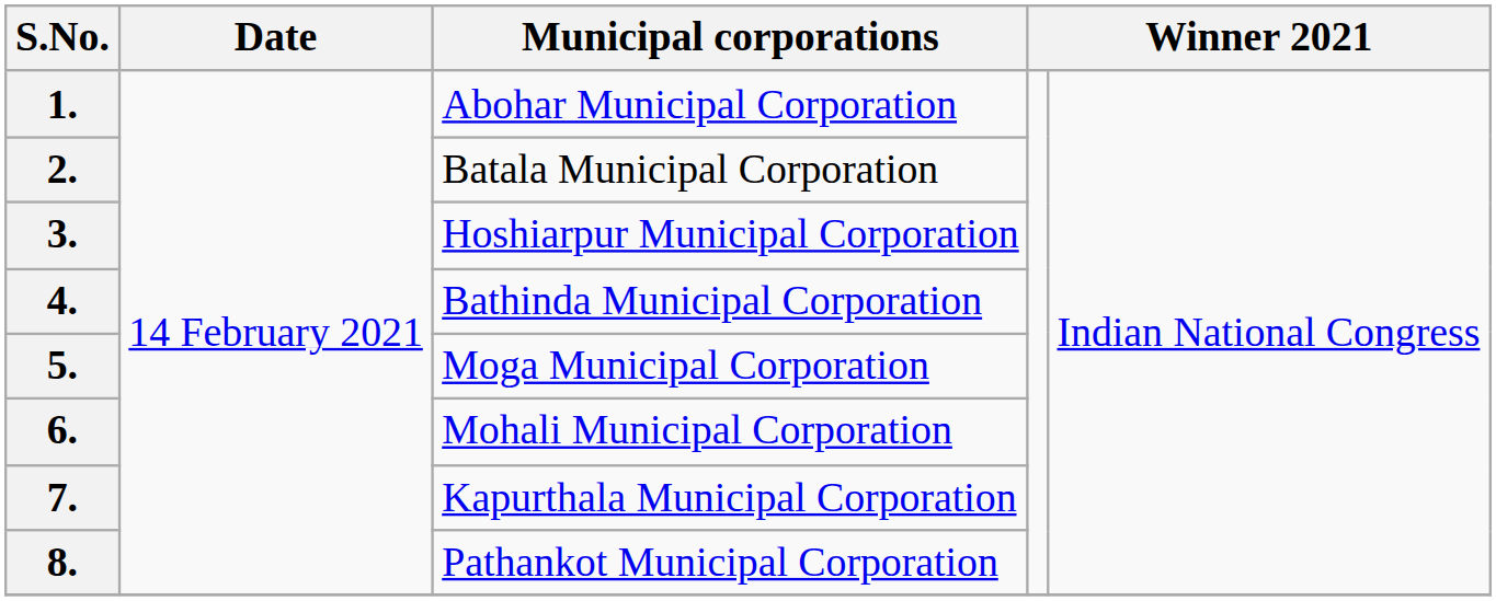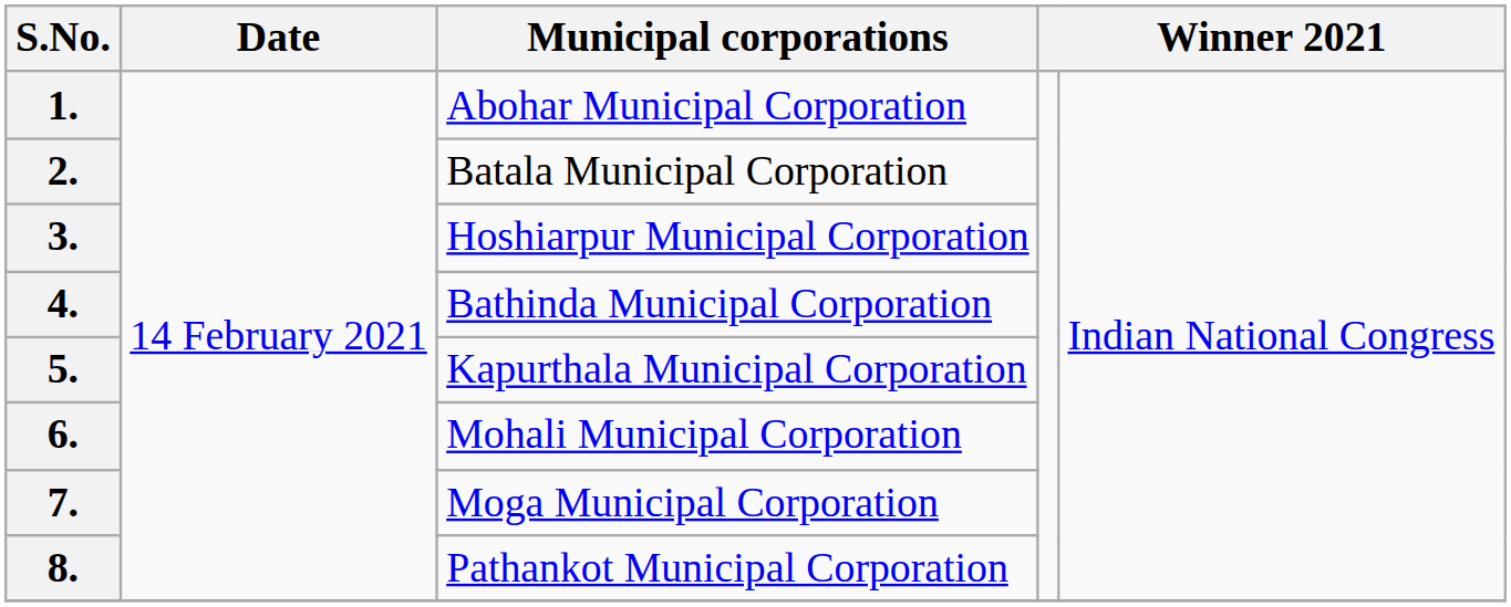 <table class="wikitable sortable">
 <tr>
 <th>S.No.</th>
 <th>Date</th>
 <th>Municipal corporations</th>
 <th colspan="2">Winner 2021</th>
 </tr>
 <tr>
 <th>1.</th>
 <td rowspan="8"><a href='#'>14 February 2021</a></td>
 <td><a href='#'>Abohar Municipal Corporation</a></td>
 <td rowspan="8" style="background:"></td>
 <td rowspan="8"><a href='#'>Indian National Congress</a></td>
 </tr>
 <tr>
 <th>2.</th>
 <td>Batala Municipal Corporation</td>
 </tr>
 <tr>
 <th>3.</th>
 <td><a href='#'>Hoshiarpur Municipal Corporation</a></td>
 </tr>
 <tr>
 <th>4.</th>
 <td><a href='#'>Bathinda Municipal Corporation</a></td>
 </tr>
 <tr>
 <th>5.</th>
-<td><a href='#'>Moga Municipal Corporation</a></td>
+<td><a href='#'>Kapurthala Municipal Corporation</a></td>
 </tr>
 <tr>
 <th>6.</th>
 <td><a href='#'>Mohali Municipal Corporation</a></td>
 </tr>
 <tr>
 <th>7.</th>
-<td><a href='#'>Kapurthala Municipal Corporation</a></td>
+<td><a href='#'>Moga Municipal Corporation</a></td>
 </tr>
 <tr>
 <th>8.</th>
 <td><a href='#'>Pathankot Municipal Corporation</a></td>
 </tr>
 <tr>
 </tr>
 </table>
